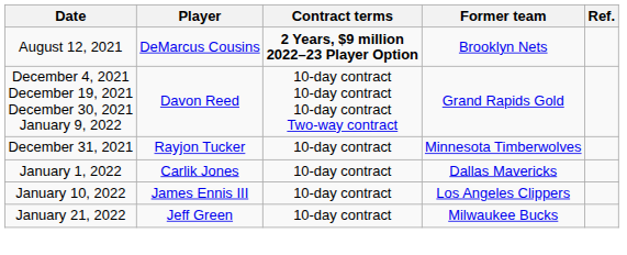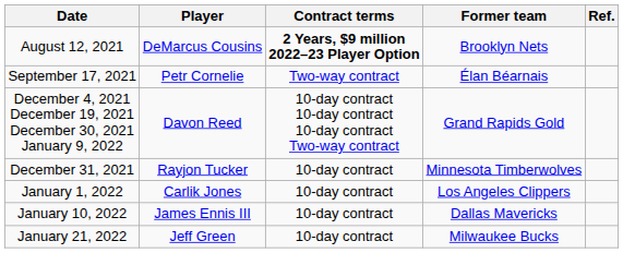 <table class="wikitable sortable sortable" style="text-align: center">
 <tr>
 <th>Date</th>
 <th>Player</th>
 <th>Contract terms</th>
 <th>Former team</th>
 <th>Ref.</th>
 </tr>
 <tr>
 <td>August 12, 2021</td>
 <td><a href='#'>DeMarcus Cousins</a></td>
 <td><strong>2 Years, $9 million<br>2022–23 Player Option</strong></td>
 <td><a href='#'>Brooklyn Nets</a></td>
+<td></td>
+</tr>
+<tr>
+<td>September 17, 2021</td>
+<td><a href='#'>Petr Cornelie</a></td>
+<td><a href='#'>Two-way contract</a></td>
+<td> <a href='#'>Élan Béarnais</a></td>
 <td></td>
 </tr>
 <tr>
 <td>December 4, 2021<br>December 19, 2021<br>December 30, 2021<br>January 9, 2022</td>
 <td><a href='#'>Davon Reed</a></td>
 <td>10-day contract<br>10-day contract<br>10-day contract<br><a href='#'>Two-way contract</a></td>
 <td><a href='#'>Grand Rapids Gold</a></td>
 <td><br><br><br></td>
 </tr>
 <tr>
 <td>December 31, 2021</td>
 <td><a href='#'>Rayjon Tucker</a></td>
 <td>10-day contract</td>
 <td><a href='#'>Minnesota Timberwolves</a></td>
 <td></td>
 </tr>
 <tr>
 <td>January 1, 2022</td>
 <td><a href='#'>Carlik Jones</a></td>
 <td>10-day contract</td>
-<td><a href='#'>Dallas Mavericks</a></td>
+<td><a href='#'>Los Angeles Clippers</a></td>
 <td></td>
 </tr>
 <tr>
 <td>January 10, 2022</td>
 <td><a href='#'>James Ennis III</a></td>
 <td>10-day contract</td>
-<td><a href='#'>Los Angeles Clippers</a></td>
+<td><a href='#'>Dallas Mavericks</a></td>
 <td></td>
 </tr>
 <tr>
 <td>January 21, 2022</td>
 <td><a href='#'>Jeff Green</a></td>
 <td>10-day contract</td>
 <td><a href='#'>Milwaukee Bucks</a></td>
 <td></td>
 </tr>
 </table>
